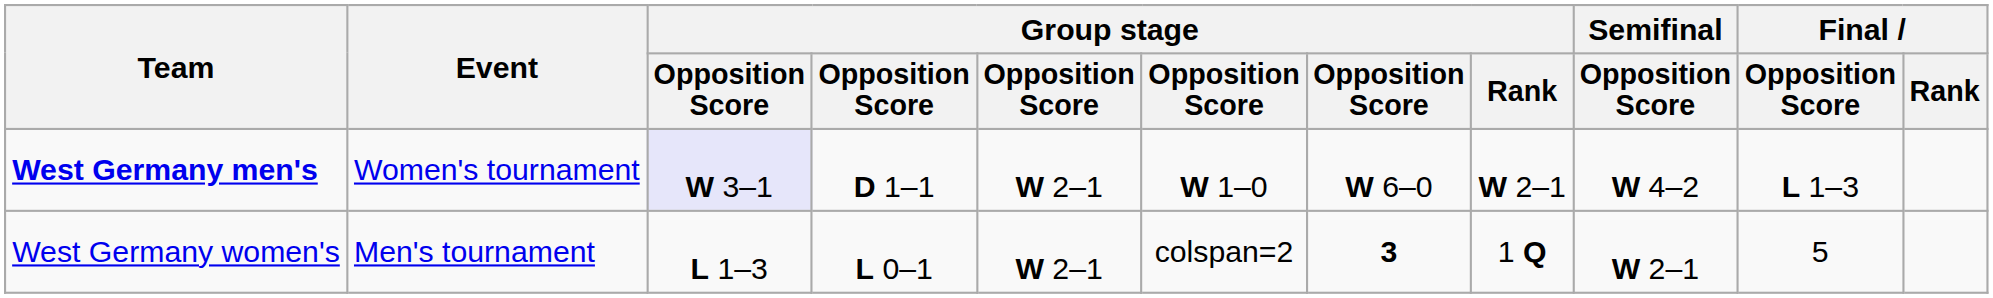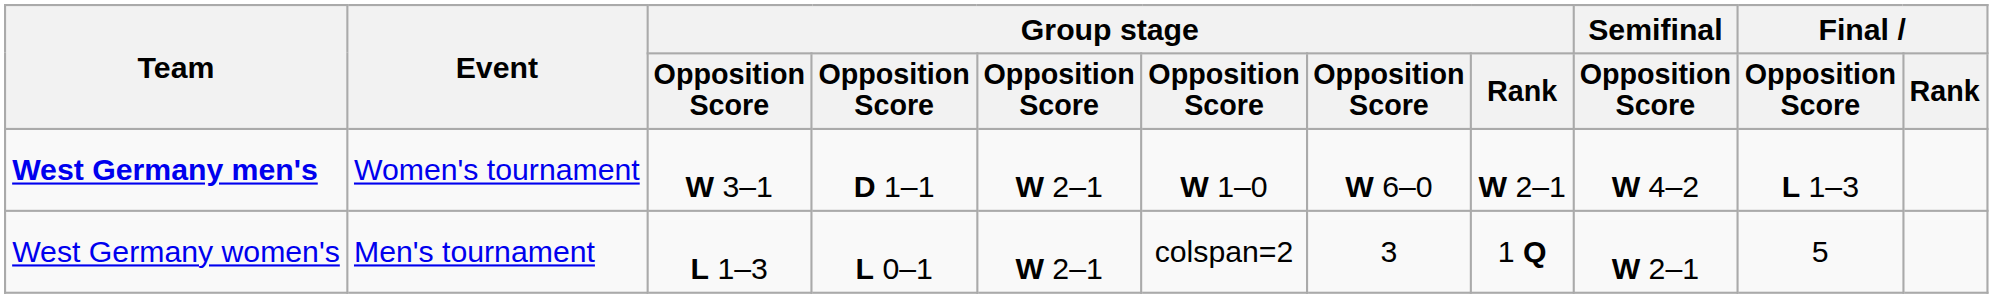 <table class="wikitable" style="font-size:90%">
 <tr>
 <th rowspan=2>Team</th>
 <th rowspan=2>Event</th>
 <th colspan=6>Group stage</th>
 <th>Semifinal</th>
 <th colspan=2>Final / </th>
 </tr>
 <tr style="font-size:95%">
 <th>Opposition<br>Score</th>
 <th>Opposition<br>Score</th>
 <th>Opposition<br>Score</th>
 <th>Opposition<br>Score</th>
 <th>Opposition<br>Score</th>
 <th>Rank</th>
 <th>Opposition<br>Score</th>
 <th>Opposition<br>Score</th>
 <th>Rank</th>
 </tr>
 <tr align=center>
 <td align=left><strong><a href='#'>West Germany men's</a></strong></td>
 <td align=left><a href='#'>Women's tournament</a></td>
-<td style="background: lavender;"><br><strong>W</strong> 3–1</td>
+<td><br><strong>W</strong> 3–1</td>
 <td><br><strong>D</strong> 1–1</td>
 <td><br><strong>W</strong> 2–1</td>
 <td><br><strong>W</strong> 1–0</td>
 <td><br><strong>W</strong> 6–0</td>
 <td><br><strong>W</strong> 2–1</td>
 <td><br><strong>W</strong> 4–2</td>
 <td><br><strong>L</strong> 1–3</td>
 <td></td>
 </tr>
 <tr align=center>
 <td align=left><a href='#'>West Germany women's</a></td>
 <td align=left><a href='#'>Men's tournament</a></td>
 <td><br><strong>L</strong> 1–3</td>
 <td><br><strong>L</strong> 0–1</td>
 <td><br><strong>W</strong> 2–1</td>
 <td>colspan=2</td>
-<td><strong>3</strong></td>
+<td>3</td>
 <td>1 <strong>Q</strong></td>
 <td><br><strong>W</strong> 2–1</td>
 <td>5</td>
 </tr>
 </table>
